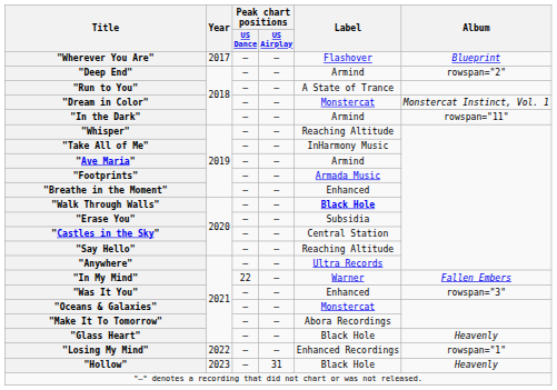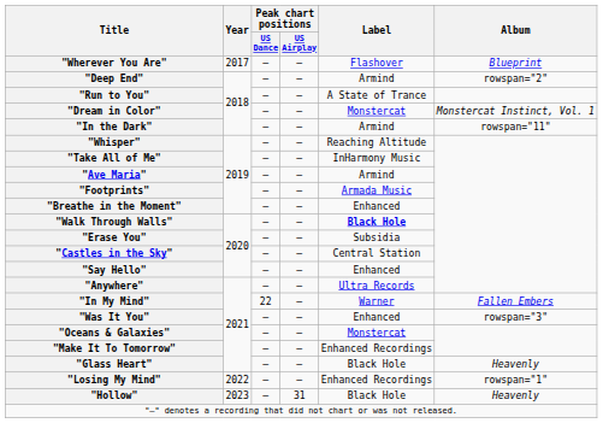 <table class="wikitable plainrowheaders" style="text-align:center;">
 <tr>
 <th scope="col" rowspan="2" style="width:22em;">Title</th>
 <th scope="col" rowspan="2" style="width:1em;">Year</th>
 <th colspan="2" scope="col">Peak chart positions</th>
 <th scope="col" rowspan="2">Label</th>
 <th scope="col" rowspan="2">Album</th>
 </tr>
 <tr>
 <th scope="col" style="width:3em;font-size:85%;"><a href='#'>US<br>Dance</a><br></th>
 <th scope="col" style="width:3em;font-size:85%;"><a href='#'>US<br>Airplay</a><br></th>
 </tr>
 <tr>
 <th scope="row">"Wherever You Are"<br></th>
 <td>2017</td>
 <td>—</td>
 <td>—</td>
 <td><a href='#'>Flashover</a></td>
 <td><em><a href='#'>Blueprint</a></em></td>
 </tr>
 <tr>
 <th scope="row">"Deep End"<br></th>
 <td rowspan="4">2018</td>
 <td>—</td>
 <td>—</td>
 <td>Armind</td>
 <td>rowspan="2" </td>
 </tr>
 <tr>
 <th scope="row">"Run to You"<br></th>
 <td>—</td>
 <td>—</td>
 <td>A State of Trance</td>
 </tr>
 <tr>
 <th scope="row">"Dream in Color"</th>
 <td>—</td>
 <td>—</td>
 <td><a href='#'>Monstercat</a></td>
 <td><em>Monstercat Instinct, Vol. 1</em></td>
 </tr>
 <tr>
 <th scope="row">"In the Dark" <br></th>
 <td>—</td>
 <td>—</td>
 <td>Armind</td>
 <td>rowspan="11" </td>
 </tr>
 <tr>
 <th scope="row">"Whisper" <br></th>
 <td rowspan="5">2019</td>
 <td>—</td>
 <td>—</td>
 <td>Reaching Altitude</td>
 </tr>
 <tr>
 <th scope="row">"Take All of Me" <br></th>
 <td>—</td>
 <td>—</td>
 <td>InHarmony Music</td>
 </tr>
 <tr>
 <th scope="row">"<a href='#'>Ave Maria</a>" <br></th>
 <td>—</td>
 <td>—</td>
 <td>Armind</td>
 </tr>
 <tr>
 <th scope="row">"Footprints" <br></th>
 <td>—</td>
 <td>—</td>
 <td><a href='#'>Armada Music</a></td>
 </tr>
 <tr>
 <th scope="row">"Breathe in the Moment" <br></th>
 <td>—</td>
 <td>—</td>
 <td>Enhanced</td>
 </tr>
 <tr>
 <th scope="row">"Walk Through Walls"</th>
 <td rowspan="4">2020</td>
 <td>—</td>
 <td>—</td>
 <td><strong><a href='#'>Black Hole</a></strong></td>
 </tr>
 <tr>
 <th scope="row">"Erase You" <br></th>
 <td>—</td>
 <td>—</td>
 <td>Subsidia</td>
 </tr>
 <tr>
 <th scope="row">"<a href='#'>Castles in the Sky</a>" <br></th>
 <td>—</td>
 <td>—</td>
 <td>Central Station</td>
 </tr>
 <tr>
 <th scope="row">"Say Hello" <br></th>
 <td>—</td>
 <td>—</td>
-<td>Reaching Altitude</td>
+<td>Enhanced</td>
 </tr>
 <tr>
 <th scope="row">"Anywhere" <br></th>
 <td rowspan="6">2021</td>
 <td>—</td>
 <td>—</td>
 <td><a href='#'>Ultra Records</a></td>
 </tr>
 <tr>
 <th scope="row">"In My Mind"<br></th>
 <td>22</td>
 <td>—</td>
 <td><a href='#'>Warner</a></td>
 <td><em><a href='#'>Fallen Embers</a></em></td>
 </tr>
 <tr>
 <th scope="row">"Was It You" <br></th>
 <td>—</td>
 <td>—</td>
 <td>Enhanced</td>
 <td>rowspan="3" </td>
 </tr>
 <tr>
 <th scope="row">"Oceans & Galaxies" <br></th>
 <td>—</td>
 <td>—</td>
 <td><a href='#'>Monstercat</a></td>
 </tr>
 <tr>
 <th scope="row">"Make It To Tomorrow" <br></th>
 <td>—</td>
 <td>—</td>
-<td>Abora Recordings</td>
+<td>Enhanced Recordings</td>
 </tr>
 <tr>
 <th scope="row">"Glass Heart"</th>
 <td>—</td>
 <td>—</td>
 <td>Black Hole</td>
 <td><em>Heavenly</em></td>
 </tr>
 <tr>
 <th scope="row">"Losing My Mind" <br></th>
 <td>2022</td>
 <td>—</td>
 <td>—</td>
 <td>Enhanced Recordings</td>
 <td>rowspan="1" </td>
 </tr>
 <tr>
 <th scope="row">"Hollow" <br></th>
 <td>2023</td>
 <td>—</td>
 <td>31</td>
 <td>Black Hole</td>
 <td><em>Heavenly</em></td>
 </tr>
 <tr>
 <td colspan="6" style="font-size:85%">"—" denotes a recording that did not chart or was not released.</td>
 </tr>
 </table>
